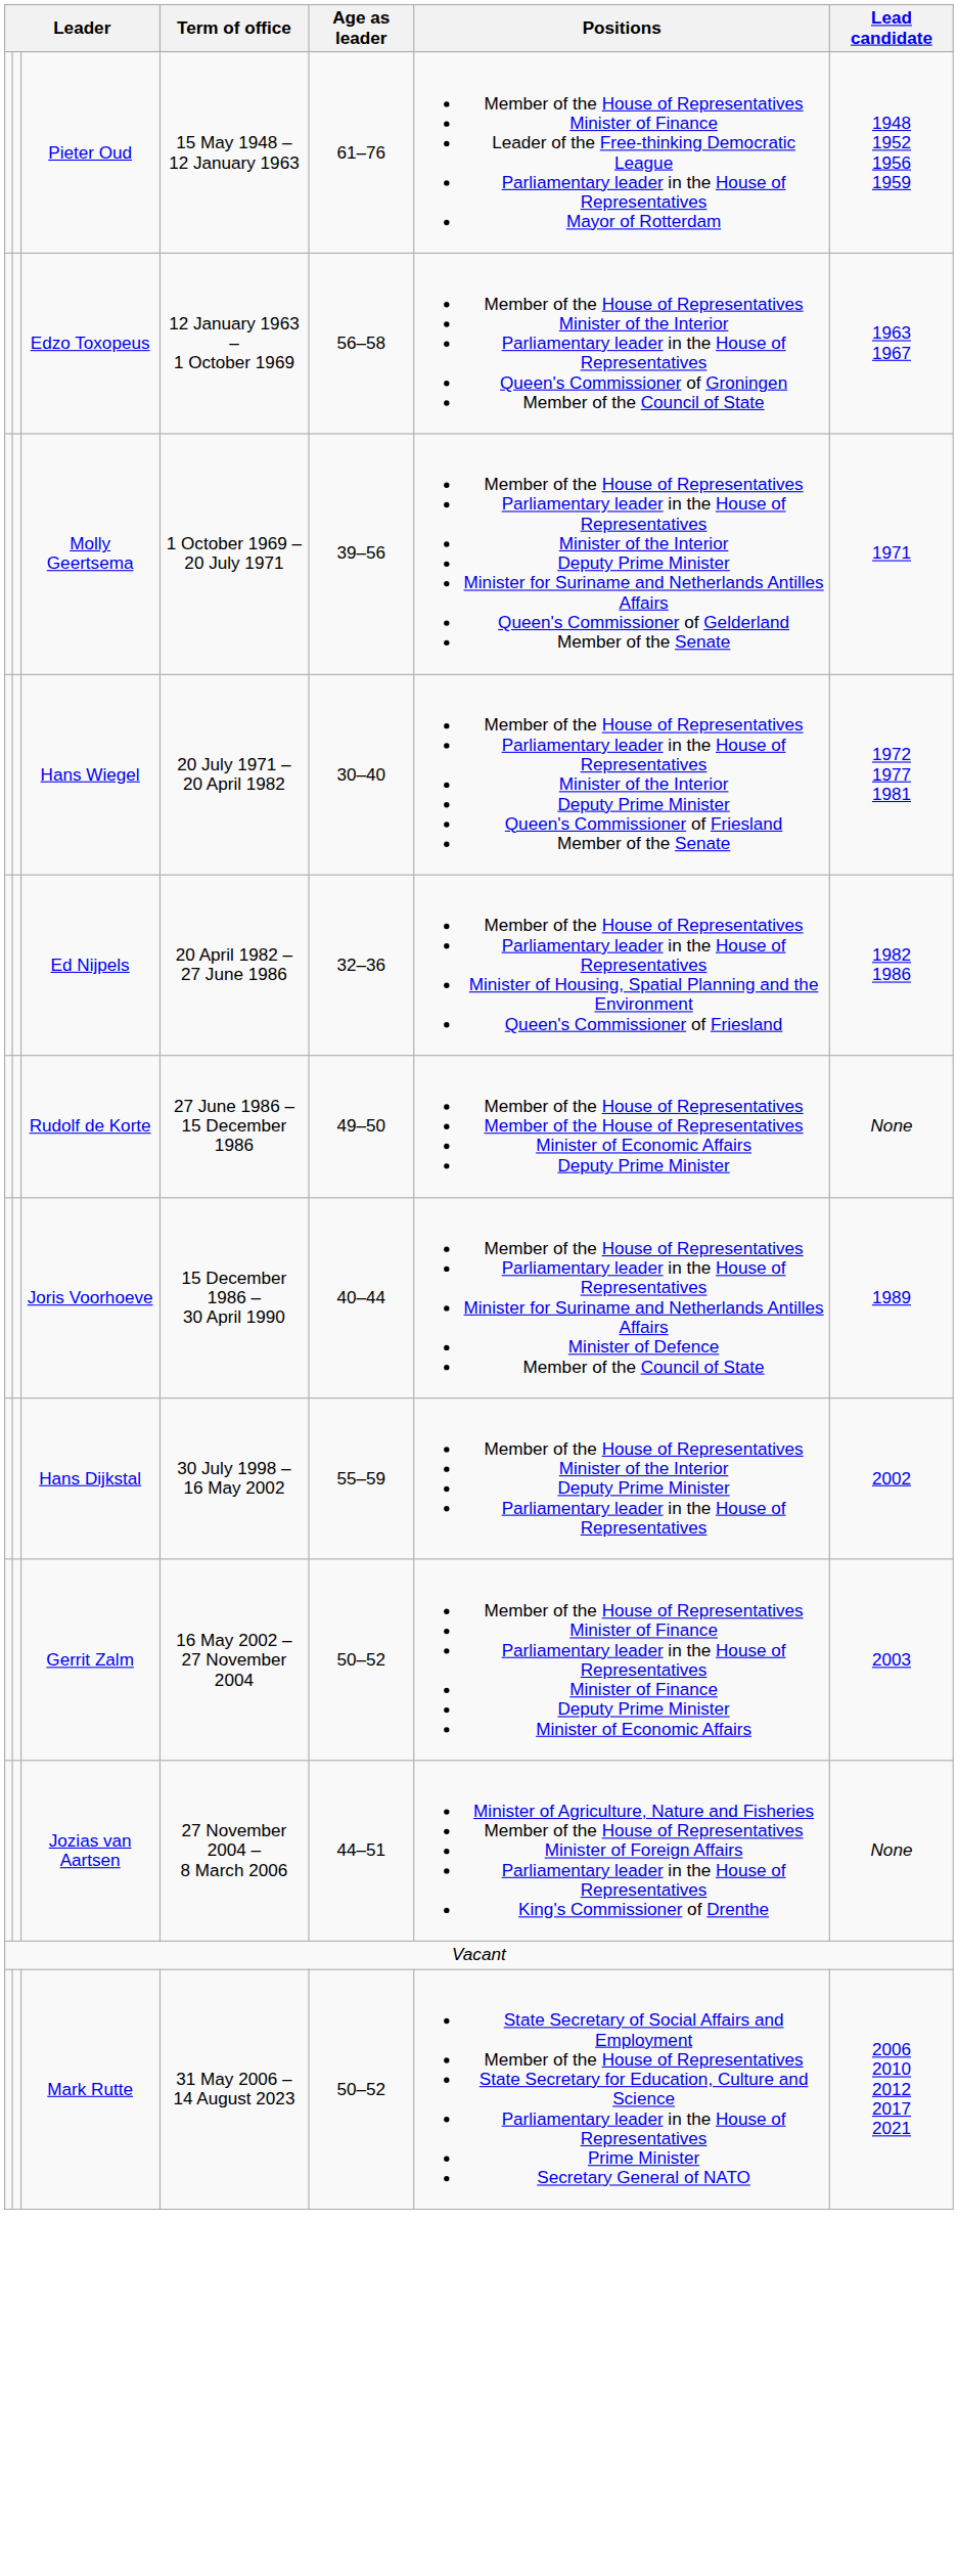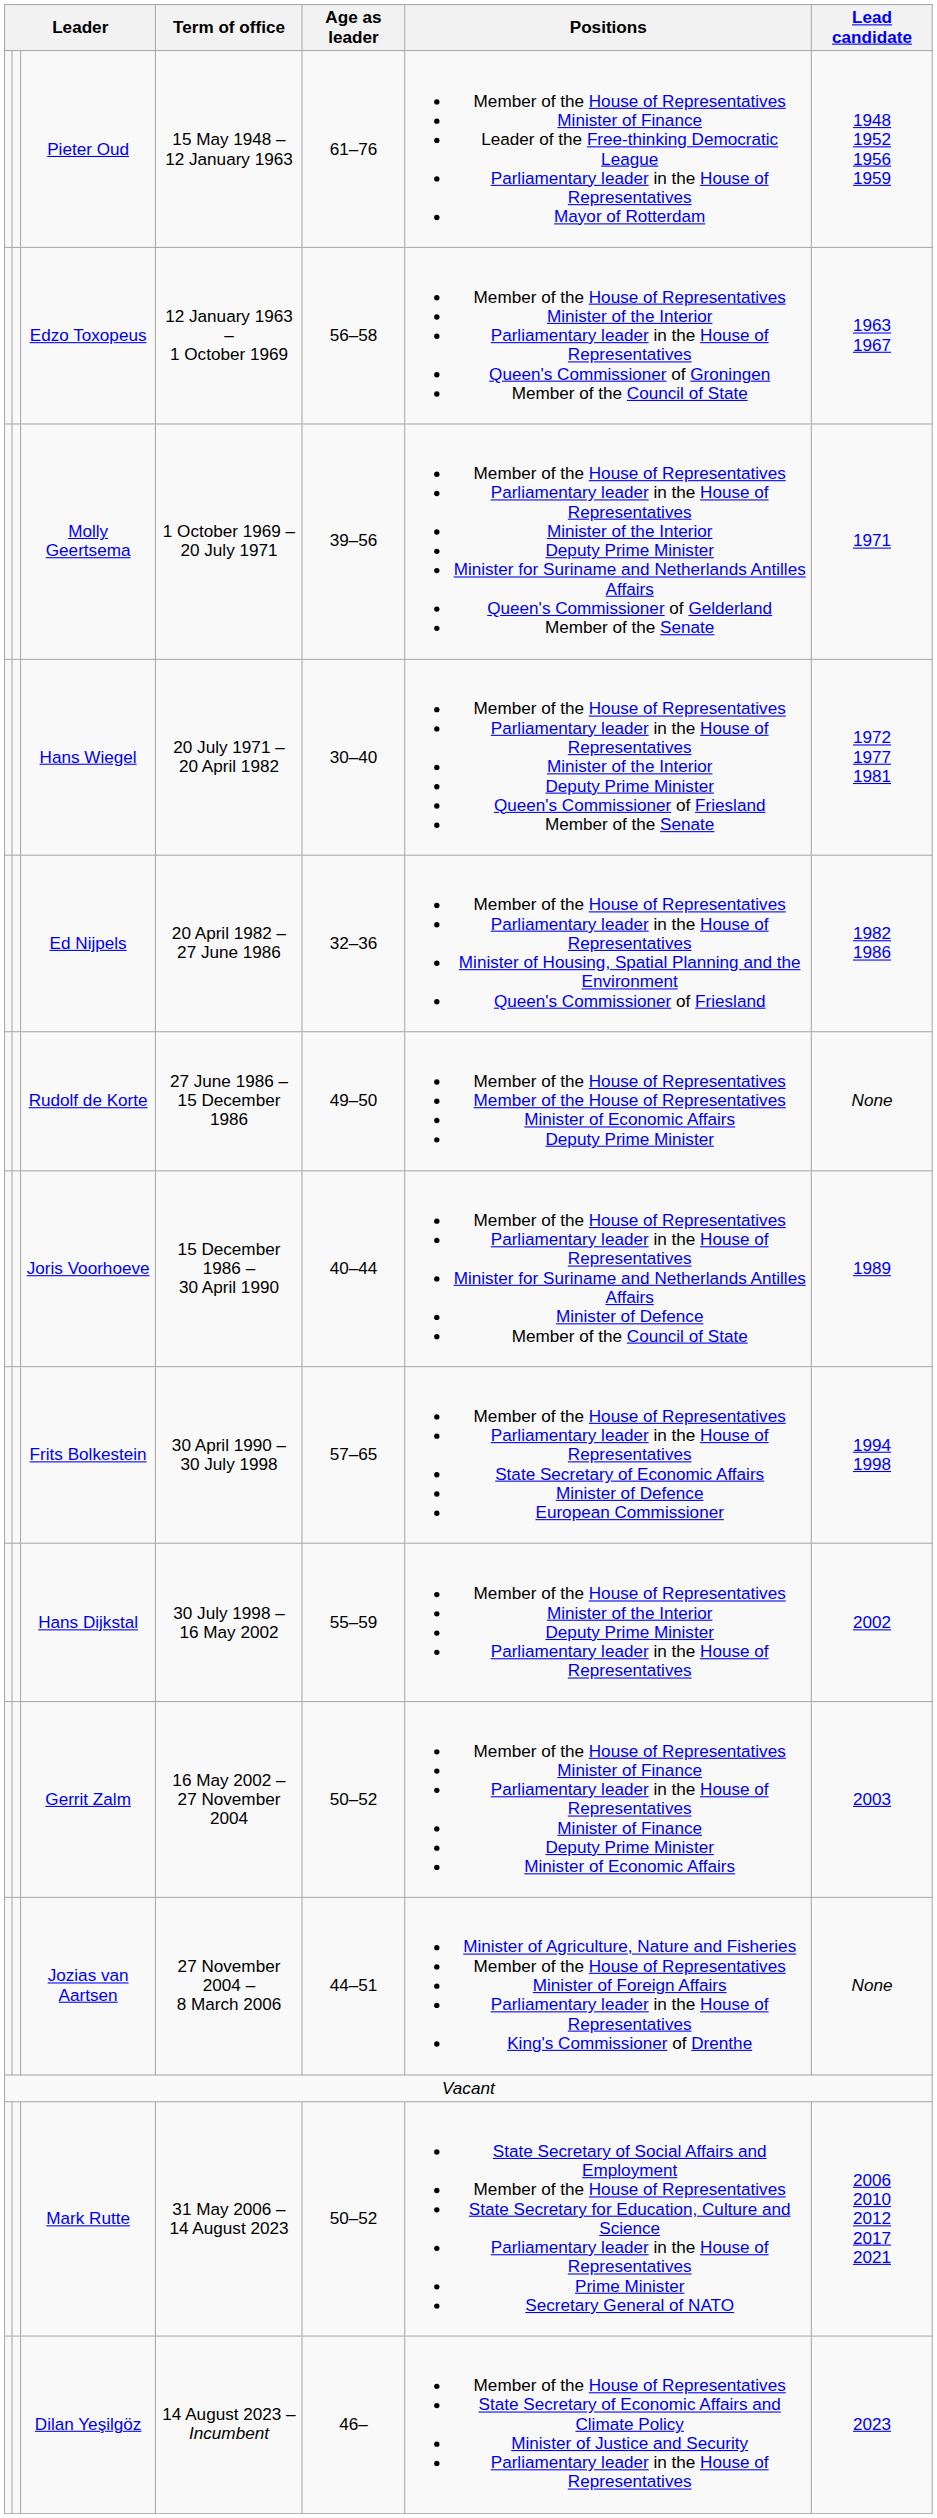 <table class="wikitable" style="text-align:center">
 <tr>
 <th colspan=3>Leader</th>
 <th>Term of office</th>
 <th>Age as leader</th>
 <th>Positions</th>
 <th><a href='#'>Lead candidate</a></th>
 </tr>
 <tr>
 <td style="background:"></td>
 <td></td>
 <td><a href='#'>Pieter Oud</a> <br> </td>
 <td>15 May 1948 – <br> 12 January 1963 <br> </td>
 <td>61–76</td>
 <td><br><ul><li>Member of the <a href='#'>House of Representatives</a> </li><li><a href='#'>Minister of Finance</a> </li><li>Leader of the <a href='#'>Free-thinking Democratic League</a> </li><li><a href='#'>Parliamentary leader</a> in the <a href='#'>House of Representatives</a> </li><li><a href='#'>Mayor of Rotterdam</a> </li></ul></td>
 <td><a href='#'>1948</a> <br> <a href='#'>1952</a> <br> <a href='#'>1956</a> <br> <a href='#'>1959</a></td>
 </tr>
 <tr>
 <td style="background:"></td>
 <td></td>
 <td><a href='#'>Edzo Toxopeus</a> <br> </td>
 <td>12 January 1963 – <br> 1 October 1969 <br> </td>
 <td>56–58</td>
 <td><br><ul><li>Member of the <a href='#'>House of Representatives</a> </li><li><a href='#'>Minister of the Interior</a> </li><li><a href='#'>Parliamentary leader</a> in the <a href='#'>House of Representatives</a> </li><li><a href='#'>Queen's Commissioner</a> of <a href='#'>Groningen</a> </li><li>Member of the <a href='#'>Council of State</a> </li></ul></td>
 <td><a href='#'>1963</a> <br> <a href='#'>1967</a></td>
 </tr>
 <tr>
 <td style="background:"></td>
 <td></td>
 <td><a href='#'>Molly Geertsema</a> <br> </td>
 <td>1 October 1969 – <br> 20 July 1971 <br> </td>
 <td>39–56</td>
 <td><br><ul><li>Member of the <a href='#'>House of Representatives</a> </li><li><a href='#'>Parliamentary leader</a> in the <a href='#'>House of Representatives</a> </li><li><a href='#'>Minister of the Interior</a> </li><li><a href='#'>Deputy Prime Minister</a> </li><li><a href='#'>Minister for Suriname and Netherlands Antilles Affairs</a> </li><li><a href='#'>Queen's Commissioner</a> of <a href='#'>Gelderland</a> </li><li>Member of the <a href='#'>Senate</a> </li></ul></td>
 <td><a href='#'>1971</a></td>
 </tr>
 <tr>
 <td style="background:"></td>
 <td></td>
 <td><a href='#'>Hans Wiegel</a> <br> </td>
 <td>20 July 1971 – <br> 20 April 1982 <br> </td>
 <td>30–40</td>
 <td><br><ul><li>Member of the <a href='#'>House of Representatives</a> </li><li><a href='#'>Parliamentary leader</a> in the <a href='#'>House of Representatives</a> </li><li><a href='#'>Minister of the Interior</a> </li><li><a href='#'>Deputy Prime Minister</a> </li><li><a href='#'>Queen's Commissioner</a> of <a href='#'>Friesland</a> </li><li>Member of the <a href='#'>Senate</a> </li></ul></td>
 <td><a href='#'>1972</a> <br> <a href='#'>1977</a> <br> <a href='#'>1981</a></td>
 </tr>
 <tr>
 <td style="background:"></td>
 <td></td>
 <td><a href='#'>Ed Nijpels</a> <br> </td>
 <td>20 April 1982 – <br> 27 June 1986 <br> </td>
 <td>32–36</td>
 <td><br><ul><li>Member of the <a href='#'>House of Representatives</a> </li><li><a href='#'>Parliamentary leader</a> in the <a href='#'>House of Representatives</a> </li><li><a href='#'>Minister of Housing, Spatial Planning and the Environment</a> </li><li><a href='#'>Queen's Commissioner</a> of <a href='#'>Friesland</a> </li></ul></td>
 <td><a href='#'>1982</a> <br> <a href='#'>1986</a></td>
 </tr>
 <tr>
 <td style="background:"></td>
 <td></td>
 <td><a href='#'>Rudolf de Korte</a> <br> </td>
 <td>27 June 1986 – <br> 15 December 1986 <br> </td>
 <td>49–50</td>
 <td><br><ul><li>Member of the <a href='#'>House of Representatives</a> </li><li><a href='#'>Member of the House of Representatives</a> </li><li><a href='#'>Minister of Economic Affairs</a> </li><li><a href='#'>Deputy Prime Minister</a> </li></ul></td>
 <td><em>None</em></td>
 </tr>
 <tr>
 <td style="background:"></td>
 <td></td>
 <td><a href='#'>Joris Voorhoeve</a> <br> </td>
 <td>15 December 1986 – <br> 30 April 1990 <br> </td>
 <td>40–44</td>
 <td><br><ul><li>Member of the <a href='#'>House of Representatives</a> </li><li><a href='#'>Parliamentary leader</a> in the <a href='#'>House of Representatives</a> </li><li><a href='#'>Minister for Suriname and Netherlands Antilles Affairs</a> </li><li><a href='#'>Minister of Defence</a> </li><li>Member of the <a href='#'>Council of State</a> </li></ul></td>
 <td><a href='#'>1989</a></td>
 </tr>
 <tr>
 <td style="background:"></td>
 <td></td>
+<td><a href='#'>Frits Bolkestein</a> <br> </td>
+<td>30 April 1990 – <br> 30 July 1998 <br> </td>
+<td>57–65</td>
+<td><br><ul><li>Member of the <a href='#'>House of Representatives</a> </li><li><a href='#'>Parliamentary leader</a> in the <a href='#'>House of Representatives</a> </li><li><a href='#'>State Secretary of Economic Affairs</a> </li><li><a href='#'>Minister of Defence</a> </li><li><a href='#'>European Commissioner</a> </li></ul></td>
+<td><a href='#'>1994</a> <br> <a href='#'>1998</a></td>
+</tr>
+<tr>
+<td style="background:"></td>
+<td></td>
 <td><a href='#'>Hans Dijkstal</a> <br> </td>
 <td>30 July 1998 – <br> 16 May 2002 <br> </td>
 <td>55–59</td>
 <td><br><ul><li>Member of the <a href='#'>House of Representatives</a> </li><li><a href='#'>Minister of the Interior</a> </li><li><a href='#'>Deputy Prime Minister</a> </li><li><a href='#'>Parliamentary leader</a> in the <a href='#'>House of Representatives</a> </li></ul></td>
 <td><a href='#'>2002</a></td>
 </tr>
 <tr>
 <td style="background:"></td>
 <td></td>
 <td><a href='#'>Gerrit Zalm</a> <br> </td>
 <td>16 May 2002 – <br> 27 November 2004 <br> </td>
 <td>50–52</td>
 <td><br><ul><li>Member of the <a href='#'>House of Representatives</a> </li><li><a href='#'>Minister of Finance</a> </li><li><a href='#'>Parliamentary leader</a> in the <a href='#'>House of Representatives</a> </li><li><a href='#'>Minister of Finance</a> </li><li><a href='#'>Deputy Prime Minister</a> </li><li><a href='#'>Minister of Economic Affairs</a> </li></ul></td>
 <td><a href='#'>2003</a></td>
 </tr>
 <tr>
 <td style="background:"></td>
 <td></td>
 <td><a href='#'>Jozias van Aartsen</a> <br> </td>
 <td>27 November 2004 – <br> 8 March 2006 <br> </td>
 <td>44–51</td>
 <td><br><ul><li><a href='#'>Minister of Agriculture, Nature and Fisheries</a> </li><li>Member of the <a href='#'>House of Representatives</a> </li><li><a href='#'>Minister of Foreign Affairs</a> </li><li><a href='#'>Parliamentary leader</a> in the <a href='#'>House of Representatives</a> </li><li><a href='#'>King's Commissioner</a> of <a href='#'>Drenthe</a> </li></ul></td>
 <td><em>None</em></td>
 </tr>
 <tr>
 <td colspan=7><em>Vacant</em> <br> </td>
 </tr>
 <tr>
 <td style="background:"></td>
 <td></td>
 <td><a href='#'>Mark Rutte</a> <br> </td>
 <td>31 May 2006 – <br> 14 August 2023 <br> </td>
 <td>50–52</td>
 <td><br><ul><li><a href='#'>State Secretary of Social Affairs and Employment</a> </li><li>Member of the <a href='#'>House of Representatives</a> </li><li><a href='#'>State Secretary for Education, Culture and Science</a> </li><li><a href='#'>Parliamentary leader</a> in the <a href='#'>House of Representatives</a> </li><li><a href='#'>Prime Minister</a> </li><li><a href='#'>Secretary General of NATO</a> </li></ul></td>
 <td><a href='#'>2006</a> <br> <a href='#'>2010</a> <br> <a href='#'>2012</a> <br> <a href='#'>2017</a> <br> <a href='#'>2021</a></td>
 </tr>
+<tr>
+<td style="background:"></td>
+<td></td>
+<td><a href='#'>Dilan Yeşilgöz</a> <br> </td>
+<td>14 August 2023 – <br> <em>Incumbent</em> <br> </td>
+<td>46–<em></em></td>
+<td><br><ul><li>Member of the <a href='#'>House of Representatives</a> </li><li><a href='#'>State Secretary of Economic Affairs and Climate Policy</a> </li><li><a href='#'>Minister of Justice and Security</a> </li><li><a href='#'>Parliamentary leader</a> in the <a href='#'>House of Representatives</a> </li></ul></td>
+<td><a href='#'>2023</a></td>
+</tr>
 </table>
